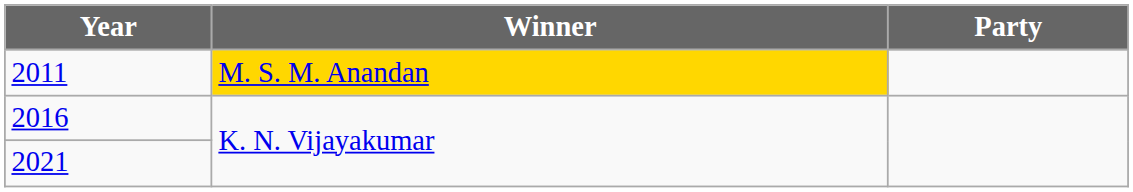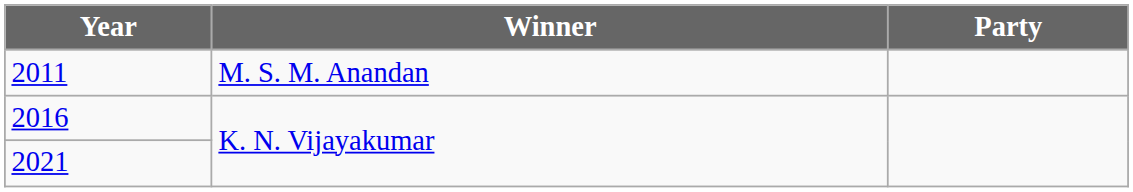 <table class="wikitable" width="50%">
 <tr>
 <th style="background-color:#666666; color:white">Year</th>
 <th style="background-color:#666666; color:white">Winner</th>
 <th style="background-color:#666666; color:white" colspan="2">Party</th>
 </tr>
 <tr>
 <td><a href='#'>2011</a></td>
-<td style="background: gold;"><a href='#'>M. S. M. Anandan</a></td>
+<td><a href='#'>M. S. M. Anandan</a></td>
 <td></td>
 </tr>
 <tr>
 <td><a href='#'>2016</a></td>
 <td rowspan=2><a href='#'>K. N. Vijayakumar</a></td>
 </tr>
 <tr>
 <td><a href='#'>2021</a></td>
 </tr>
 </table>
